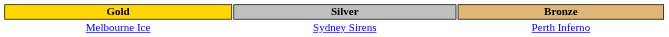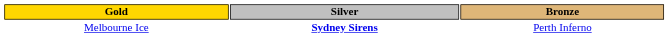 <table class="toccolours" style="width:60em;text-align: center;margin:1em auto;">
 <tr>
 <th style="background:Gold;color:black;border:#000000 1px solid">Gold</th>
 <th style="background:Silver;color:black;border:#000000 1px solid">Silver</th>
 <th style="background:#deb678;color:black;border:#000000 1px solid">Bronze</th>
 </tr>
 <tr>
 <td> <a href='#'>Melbourne Ice</a></td>
-<td> <a href='#'>Sydney Sirens</a></td>
+<td><strong> <a href='#'>Sydney Sirens</a></strong></td>
 <td> <a href='#'>Perth Inferno</a></td>
 </tr>
 <tr>
 </tr>
 </table>
